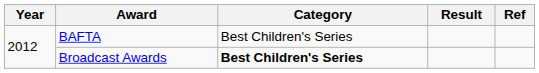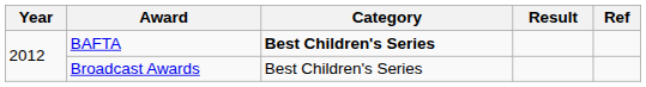 <table class="wikitable" width=50%>
 <tr>
 <th>Year</th>
 <th>Award</th>
 <th>Category</th>
 <th>Result</th>
 <th>Ref</th>
 </tr>
 <tr>
 <td rowspan=2>2012</td>
 <td><a href='#'>BAFTA</a></td>
-<td>Best Children's Series</td>
+<td><strong>Best Children's Series</strong></td>
 <td></td>
 <td></td>
 </tr>
 <tr>
 <td><a href='#'>Broadcast Awards</a></td>
-<td><strong>Best Children's Series</strong></td>
+<td>Best Children's Series</td>
 <td></td>
 <td></td>
 </tr>
 </table>
